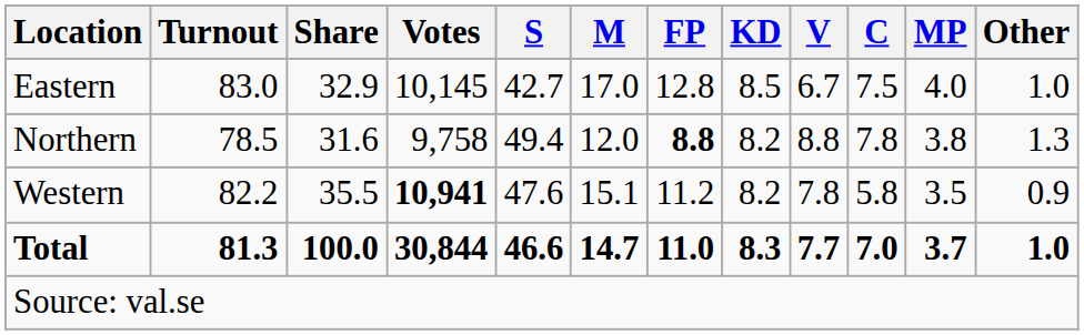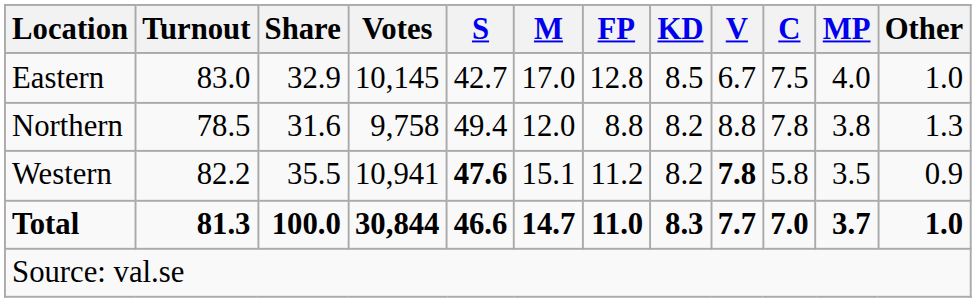 <table class="wikitable sortable" style=text-align:right>
 <tr>
 <th>Location</th>
 <th>Turnout</th>
 <th>Share</th>
 <th>Votes</th>
 <th><a href='#'>S</a></th>
 <th><a href='#'>M</a></th>
 <th><a href='#'>FP</a></th>
 <th><a href='#'>KD</a></th>
 <th><a href='#'>V</a></th>
 <th><a href='#'>C</a></th>
 <th><a href='#'>MP</a></th>
 <th>Other</th>
 </tr>
 <tr>
 <td align=left>Eastern</td>
 <td>83.0</td>
 <td>32.9</td>
 <td>10,145</td>
 <td>42.7</td>
 <td>17.0</td>
 <td>12.8</td>
 <td>8.5</td>
 <td>6.7</td>
 <td>7.5</td>
 <td>4.0</td>
 <td>1.0</td>
 </tr>
 <tr>
 <td align=left>Northern</td>
 <td>78.5</td>
 <td>31.6</td>
 <td>9,758</td>
 <td>49.4</td>
 <td>12.0</td>
-<td><strong>8.8</strong></td>
+<td>8.8</td>
 <td>8.2</td>
 <td>8.8</td>
 <td>7.8</td>
 <td>3.8</td>
 <td>1.3</td>
 </tr>
 <tr>
 <td align=left>Western</td>
 <td>82.2</td>
 <td>35.5</td>
-<td><strong>10,941</strong></td>
-<td>47.6</td>
+<td>10,941</td>
+<td><strong>47.6</strong></td>
 <td>15.1</td>
 <td>11.2</td>
 <td>8.2</td>
-<td>7.8</td>
+<td><strong>7.8</strong></td>
 <td>5.8</td>
 <td>3.5</td>
 <td>0.9</td>
 </tr>
 <tr>
 <td align=left><strong>Total</strong></td>
 <td><strong>81.3</strong></td>
 <td><strong>100.0</strong></td>
 <td><strong>30,844</strong></td>
 <td><strong>46.6</strong></td>
 <td><strong>14.7</strong></td>
 <td><strong>11.0</strong></td>
 <td><strong>8.3</strong></td>
 <td><strong>7.7</strong></td>
 <td><strong>7.0</strong></td>
 <td><strong>3.7</strong></td>
 <td><strong>1.0</strong></td>
 </tr>
 <tr>
 <td align=left colspan=12>Source: val.se </td>
 </tr>
 </table>
